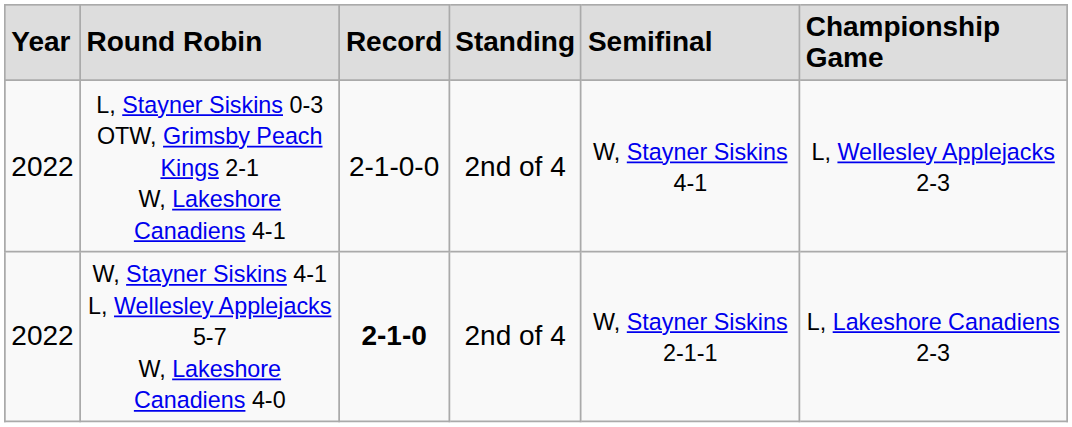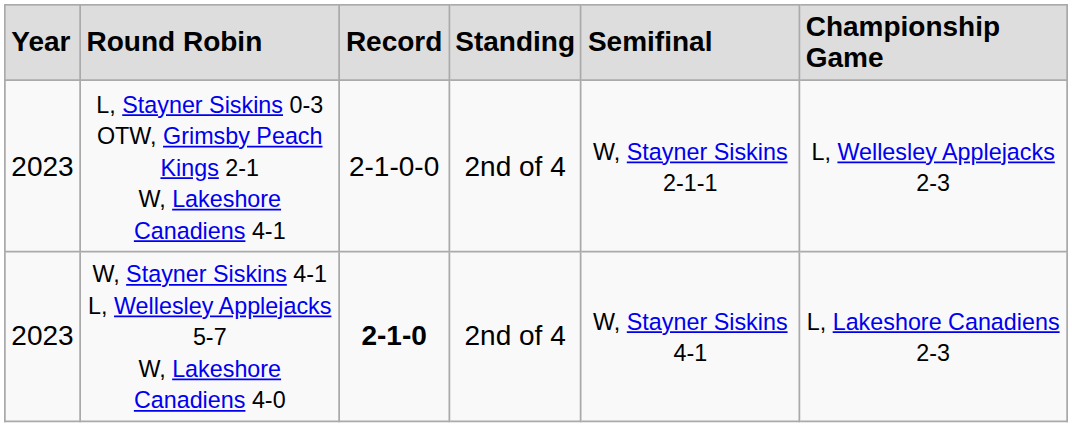 <table class="wikitable">
 <tr style="font-weight:bold; background-color:#dddddd;" |>
 <td>Year</td>
 <td>Round Robin</td>
 <td>Record</td>
 <td>Standing</td>
 <td>Semifinal</td>
 <td>Championship Game</td>
 </tr>
 <tr align=center>
-<td>2022</td>
+<td>2023</td>
 <td><small>L, <a href='#'>Stayner Siskins</a> 0-3<br>OTW, <a href='#'>Grimsby Peach Kings</a> 2-1<br>W, <a href='#'>Lakeshore Canadiens</a> 4-1</small></td>
 <td>2-1-0-0</td>
 <td>2nd of 4</td>
-<td><small>W, <a href='#'>Stayner Siskins</a> 4-1</small></td>
+<td><small>W, <a href='#'>Stayner Siskins</a> 2-1-1</small></td>
 <td><small>L, <a href='#'>Wellesley Applejacks</a> 2-3</small></td>
 </tr>
 <tr align=center>
-<td>2022</td>
+<td>2023</td>
 <td><small>W, <a href='#'>Stayner Siskins</a> 4-1<br>L, <a href='#'>Wellesley Applejacks</a> 5-7<br>W, <a href='#'>Lakeshore Canadiens</a> 4-0</small></td>
 <td><strong>2-1-0</strong></td>
 <td>2nd of 4</td>
-<td><small>W, <a href='#'>Stayner Siskins</a> 2-1-1</small></td>
+<td><small>W, <a href='#'>Stayner Siskins</a> 4-1</small></td>
 <td><small>L, <a href='#'>Lakeshore Canadiens</a> 2-3</small></td>
 </tr>
 </table>
